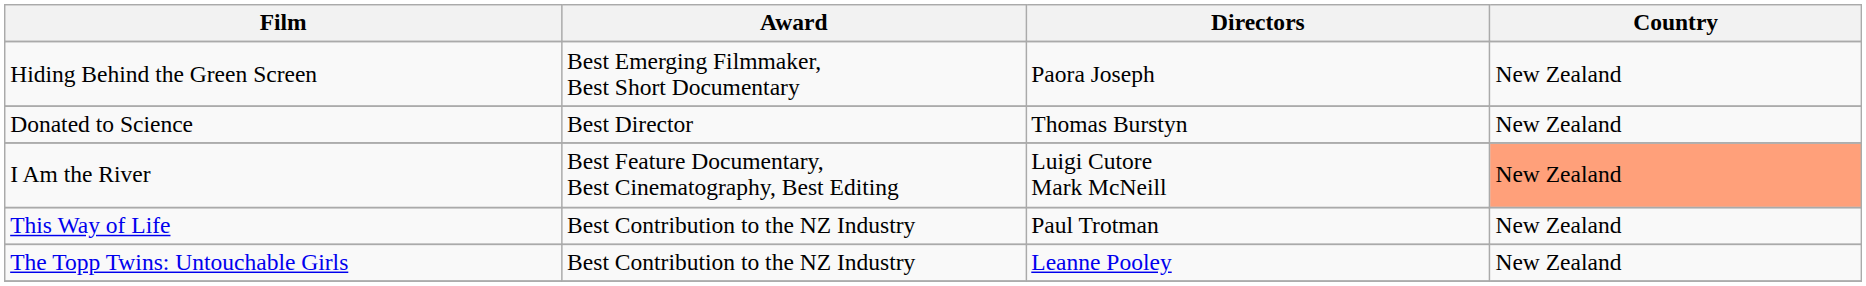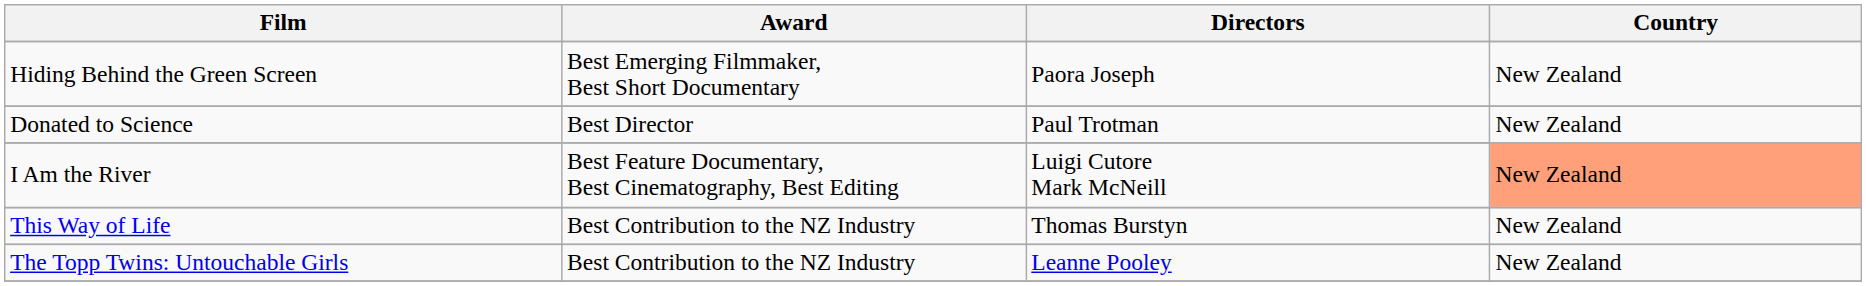 <table class="wikitable" style="width:100%;">
 <tr>
 <th width="30%">Film</th>
 <th width="25%">Award</th>
 <th width="25%">Directors</th>
 <th width="20%">Country</th>
 </tr>
 <tr>
 </tr>
 <tr>
 <td>Hiding Behind the Green Screen</td>
 <td>Best Emerging Filmmaker,<br>Best Short Documentary</td>
 <td>Paora Joseph</td>
 <td> New Zealand</td>
 </tr>
 <tr>
 </tr>
 <tr>
 <td>Donated to Science</td>
 <td>Best Director</td>
-<td>Thomas Burstyn</td>
+<td>Paul Trotman</td>
 <td> New Zealand</td>
 </tr>
 <tr>
 </tr>
 <tr>
 <td>I Am the River</td>
 <td>Best Feature Documentary,<br>Best Cinematography, Best Editing</td>
 <td>Luigi Cutore<br>Mark McNeill</td>
 <td style="background: lightsalmon;"> New Zealand</td>
 </tr>
 <tr>
 </tr>
 <tr>
 <td><a href='#'>This Way of Life</a></td>
 <td>Best Contribution to the NZ Industry</td>
-<td>Paul Trotman</td>
+<td>Thomas Burstyn</td>
 <td> New Zealand</td>
 </tr>
 <tr>
 </tr>
 <tr>
 <td><a href='#'>The Topp Twins: Untouchable Girls</a></td>
 <td>Best Contribution to the NZ Industry</td>
 <td><a href='#'>Leanne Pooley</a></td>
 <td> New Zealand</td>
 </tr>
 <tr>
 </tr>
 </table>
